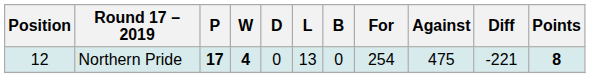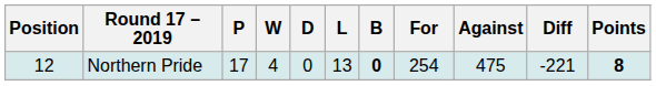 <table class="wikitable" style="text-align:center; font-size:85%;">
 <tr style="background: #d7ebed;">
 <th width="40" abbr="Position">Position</th>
 <th width="100">Round 17 – 2019</th>
 <th width="20" abbr="Played">P</th>
 <th width="20" abbr="Won">W</th>
 <th width="20" abbr="Drawn">D</th>
 <th width="20" abbr="Lost">L</th>
 <th width="20" abbr="Bye">B</th>
 <th width="40" abbr="Points for">For</th>
 <th width="40" abbr="Points against">Against</th>
 <th width="40" abbr="Points difference">Diff</th>
 <th width="40" abbr="Points">Points</th>
 </tr>
 <tr style="background: #d7ebed;">
 <td>12</td>
 <td style="text-align:left;"> Northern Pride</td>
-<td><strong>17</strong></td>
-<td><strong>4</strong></td>
+<td>17</td>
+<td>4</td>
 <td>0</td>
 <td>13</td>
-<td>0</td>
+<td><strong>0</strong></td>
 <td>254</td>
 <td>475</td>
 <td>-221</td>
 <td><strong>8</strong></td>
 </tr>
 <tr>
 </tr>
 </table>
